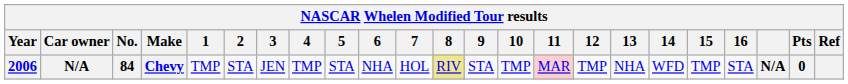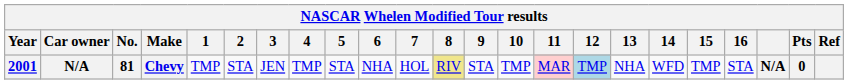 <table class="wikitable" style="text-align:center; font-size:75%">
 <tr>
 <th colspan=38><a href='#'>NASCAR</a> <a href='#'>Whelen Modified Tour</a> results</th>
 </tr>
 <tr>
 <th>Year</th>
 <th>Car owner</th>
 <th>No.</th>
 <th>Make</th>
 <th>1</th>
 <th>2</th>
 <th>3</th>
 <th>4</th>
 <th>5</th>
 <th>6</th>
 <th>7</th>
 <th>8</th>
 <th>9</th>
 <th>10</th>
 <th>11</th>
 <th>12</th>
 <th>13</th>
 <th>14</th>
 <th>15</th>
 <th>16</th>
 <th></th>
 <th>Pts</th>
 <th>Ref</th>
 </tr>
 <tr>
-<th><a href='#'>2006</a></th>
+<th><a href='#'>2001</a></th>
 <th>N/A</th>
-<th>84</th>
+<th>81</th>
 <th><a href='#'>Chevy</a></th>
 <td><a href='#'>TMP</a></td>
 <td><a href='#'>STA</a></td>
 <td><a href='#'>JEN</a></td>
 <td><a href='#'>TMP</a></td>
 <td><a href='#'>STA</a></td>
 <td><a href='#'>NHA</a></td>
 <td><a href='#'>HOL</a></td>
 <td style="background: khaki;"><a href='#'>RIV</a></td>
 <td><a href='#'>STA</a></td>
 <td><a href='#'>TMP</a></td>
 <td style="background:#FFCFCF;"><a href='#'>MAR</a><br></td>
-<td><a href='#'>TMP</a></td>
+<td style="background: lightblue;"><a href='#'>TMP</a></td>
 <td><a href='#'>NHA</a></td>
 <td><a href='#'>WFD</a></td>
 <td><a href='#'>TMP</a></td>
 <td><a href='#'>STA</a></td>
 <th>N/A</th>
 <th>0</th>
 <th></th>
 </tr>
 </table>
